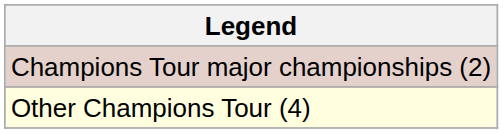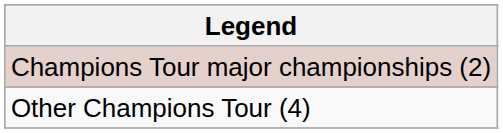 <table class="wikitable" style="font-size:95%;">
 <tr>
 <th>Legend</th>
 </tr>
 <tr style="background:#e5d1cb;">
 <td>Champions Tour major championships (2)</td>
 </tr>
 <tr>
-<td style="background: lightyellow;">Other Champions Tour (4)</td>
+<td>Other Champions Tour (4)</td>
 </tr>
 </table>
